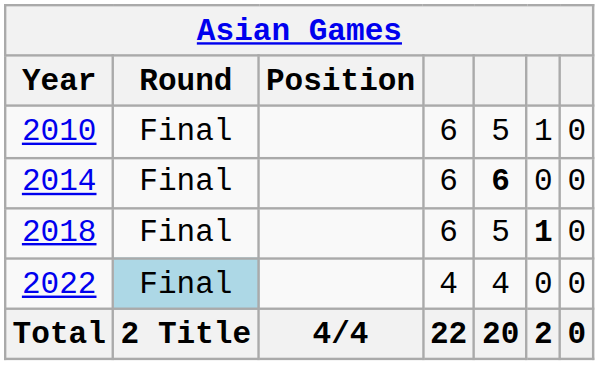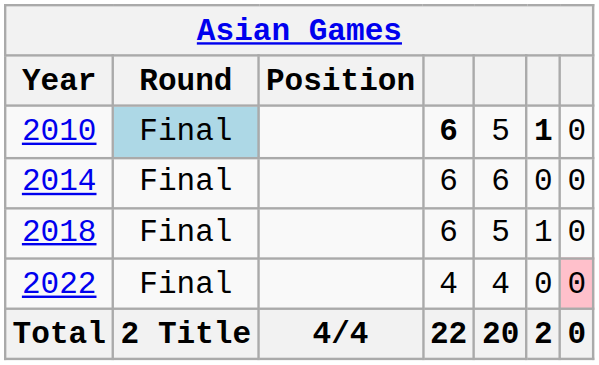 <table class="wikitable" style="text-align: center;">
 <tr>
 <th colspan=7><a href='#'>Asian Games</a></th>
 </tr>
 <tr>
 <th>Year</th>
 <th>Round</th>
 <th>Position</th>
 <th></th>
 <th></th>
 <th></th>
 <th></th>
 </tr>
 <tr>
 <td> <a href='#'>2010</a></td>
-<td>Final</td>
+<td style="background: lightblue;">Final</td>
 <td></td>
-<td>6</td>
+<td><strong>6</strong></td>
 <td>5</td>
-<td>1</td>
+<td><strong>1</strong></td>
 <td>0</td>
 </tr>
 <tr>
 <td> <a href='#'>2014</a></td>
 <td>Final</td>
 <td></td>
 <td>6</td>
-<td><strong>6</strong></td>
+<td>6</td>
 <td>0</td>
 <td>0</td>
 </tr>
 <tr>
 <td> <a href='#'>2018</a></td>
 <td>Final</td>
 <td></td>
 <td>6</td>
 <td>5</td>
-<td><strong>1</strong></td>
+<td>1</td>
 <td>0</td>
 </tr>
 <tr>
 <td> <a href='#'>2022</a></td>
-<td style="background: lightblue;">Final</td>
+<td>Final</td>
 <td></td>
 <td>4</td>
 <td>4</td>
 <td>0</td>
-<td>0</td>
+<td style="background: pink;">0</td>
 </tr>
 <tr>
 <th>Total</th>
 <th>2 Title</th>
 <th>4/4</th>
 <th>22</th>
 <th>20</th>
 <th>2</th>
 <th>0</th>
 </tr>
 </table>
